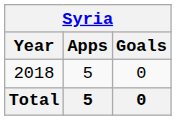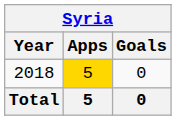 <table class="wikitable" style="text-align:center">
 <tr>
 <th colspan=3><a href='#'>Syria</a></th>
 </tr>
 <tr>
 <th>Year</th>
 <th>Apps</th>
 <th>Goals</th>
 </tr>
 <tr>
 <td>2018</td>
-<td>5</td>
+<td style="background: gold;">5</td>
 <td>0</td>
 </tr>
 <tr>
 <th>Total</th>
 <th>5</th>
 <th>0</th>
 </tr>
 </table>
